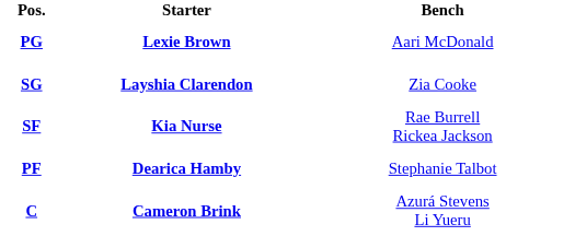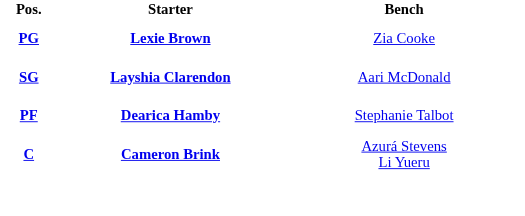 <table style="text-align:center; ">
 <tr>
 <th width="50">Pos.</th>
 <th width="250">Starter</th>
 <th width="250">Bench</th>
 </tr>
 <tr style="height:40px; background:white; color:#092C57">
 <th><a href='#'><span>PG</span></a></th>
 <td><strong><a href='#'>Lexie Brown</a> </strong></td>
-<td><a href='#'>Aari McDonald</a> </td>
+<td><a href='#'>Zia Cooke</a></td>
 </tr>
 <tr style="height:40px; background:white; color:#092C57">
 <th><a href='#'><span>SG</span></a></th>
 <td><strong><a href='#'>Layshia Clarendon</a> </strong></td>
-<td><a href='#'>Zia Cooke</a></td>
-</tr>
-<tr style="height:40px; background:white; color:#092C57">
-<th><a href='#'><span>SF</span></a></th>
-<td><strong><a href='#'>Kia Nurse</a></strong></td>
-<td><a href='#'>Rae Burrell</a><br><a href='#'>Rickea Jackson</a></td>
+<td><a href='#'>Aari McDonald</a> </td>
 </tr>
 <tr style="height:40px; background:white; color:#092C57">
 <th><a href='#'><span>PF</span></a></th>
 <td><strong><a href='#'>Dearica Hamby</a></strong></td>
 <td><a href='#'>Stephanie Talbot</a></td>
 </tr>
 <tr style="height:40px; background:white; color:#092C57">
 <th><a href='#'><span>C</span></a></th>
 <td><strong><a href='#'>Cameron Brink</a> </strong></td>
 <td><a href='#'>Azurá Stevens</a><br><a href='#'>Li Yueru</a></td>
 </tr>
 </table>
